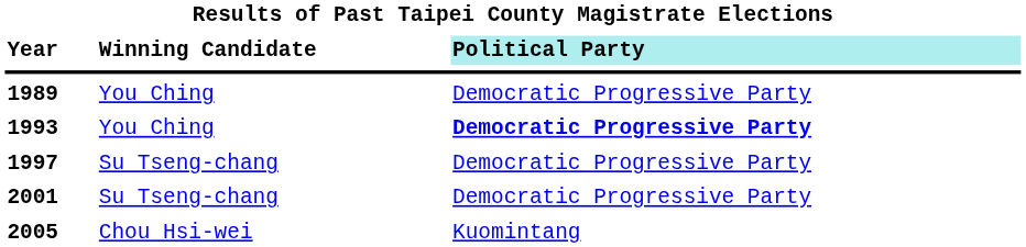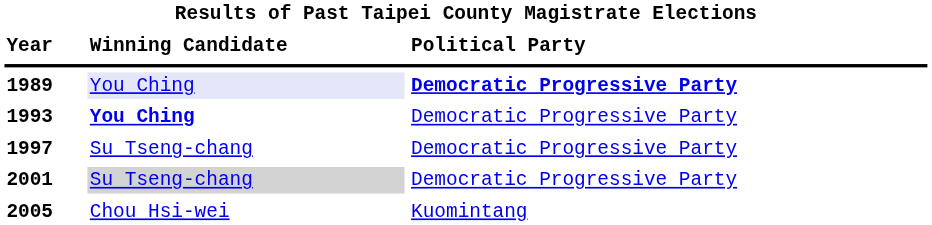 <table id="toc" style="margin:1em auto; width: 90%; font-size: 90%;" cellspacing="3">
 <tr>
 <td colspan="3" align="center"><strong>Results of Past Taipei County Magistrate Elections</strong></td>
 </tr>
 <tr>
 <td><strong>Year</strong></td>
 <td><strong> Winning Candidate</strong></td>
-<td style="background: paleturquoise;"><strong>Political Party</strong></td>
+<td><strong>Political Party</strong></td>
 </tr>
 <tr>
 <th bgcolor="#000000" colspan="6"></th>
 </tr>
 <tr>
 <td><strong>1989</strong></td>
-<td><a href='#'>You Ching</a></td>
-<td><a href='#'>Democratic Progressive Party</a></td>
+<td style="background: lavender;"><a href='#'>You Ching</a></td>
+<td><strong><a href='#'>Democratic Progressive Party</a></strong></td>
 </tr>
 <tr>
 <td><strong>1993</strong></td>
-<td><a href='#'>You Ching</a></td>
-<td><strong><a href='#'>Democratic Progressive Party</a></strong></td>
+<td><strong><a href='#'>You Ching</a></strong></td>
+<td><a href='#'>Democratic Progressive Party</a></td>
 </tr>
 <tr>
 <td><strong>1997</strong></td>
 <td><a href='#'>Su Tseng-chang</a></td>
 <td><a href='#'>Democratic Progressive Party</a></td>
 </tr>
 <tr>
 <td><strong>2001</strong></td>
-<td><a href='#'>Su Tseng-chang</a></td>
+<td style="background: lightgrey;"><a href='#'>Su Tseng-chang</a></td>
 <td><a href='#'>Democratic Progressive Party</a></td>
 </tr>
 <tr>
 <td><strong>2005</strong></td>
 <td><a href='#'>Chou Hsi-wei</a></td>
 <td><a href='#'>Kuomintang</a></td>
 </tr>
 </table>
